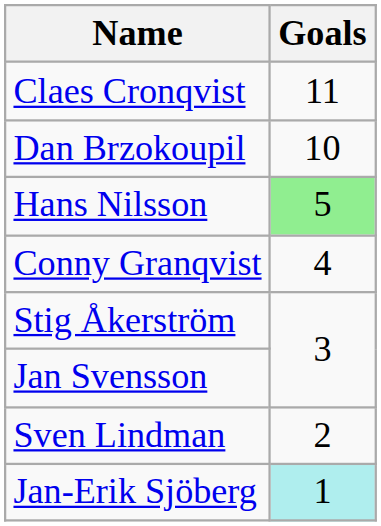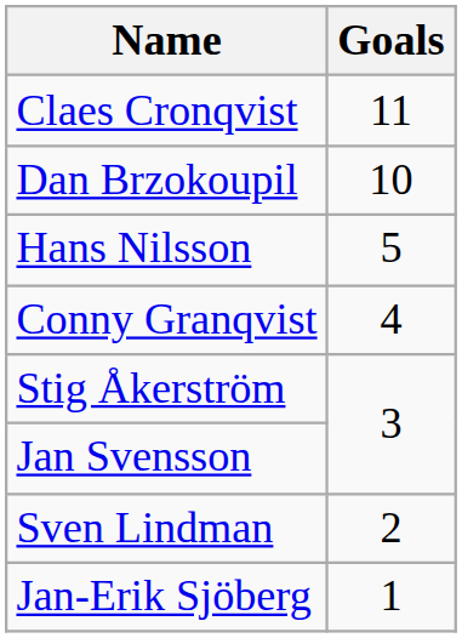 <table class="wikitable">
 <tr>
 <th>Name</th>
 <th>Goals</th>
 </tr>
 <tr>
 <td> <a href='#'>Claes Cronqvist</a></td>
 <td style="text-align:center;">11</td>
 </tr>
 <tr>
 <td> <a href='#'>Dan Brzokoupil</a></td>
 <td style="text-align:center;">10</td>
 </tr>
 <tr>
 <td> <a href='#'>Hans Nilsson</a></td>
-<td style="background: lightgreen; text-align:center;">5</td>
+<td style="text-align:center;">5</td>
 </tr>
 <tr>
 <td> <a href='#'>Conny Granqvist</a></td>
 <td style="text-align:center;">4</td>
 </tr>
 <tr>
 <td> <a href='#'>Stig Åkerström</a></td>
 <td rowspan="2" style="text-align:center;">3</td>
 </tr>
 <tr>
 <td> <a href='#'>Jan Svensson</a></td>
 </tr>
 <tr>
 <td> <a href='#'>Sven Lindman</a></td>
 <td style="text-align:center;">2</td>
 </tr>
 <tr>
 <td> <a href='#'>Jan-Erik Sjöberg</a></td>
-<td style="background: paleturquoise; text-align:center;">1</td>
+<td style="text-align:center;">1</td>
 </tr>
 </table>
